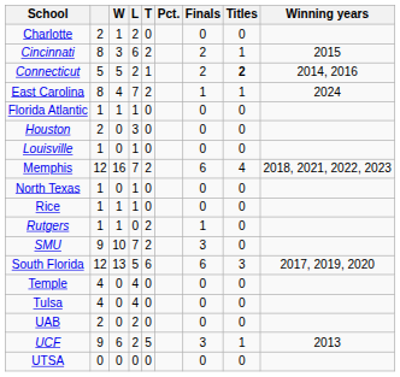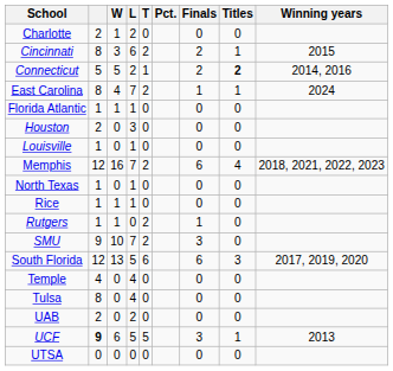 <table class="wikitable sortable" style="text-align:center;">
 <tr>
 <th width=px>School</th>
 <th width=px></th>
 <th width=px>W</th>
 <th width=px>L</th>
 <th width=px>T</th>
 <th width=px>Pct.</th>
 <th width=px>Finals</th>
 <th width=px>Titles</th>
 <th width=px>Winning years</th>
 </tr>
 <tr>
 <td><a href='#'>Charlotte</a></td>
 <td>2</td>
 <td>1</td>
 <td>2</td>
 <td>0</td>
 <td></td>
 <td>0</td>
 <td>0</td>
 <td></td>
 </tr>
 <tr>
 <td><em><a href='#'>Cincinnati</a></em></td>
 <td>8</td>
 <td>3</td>
 <td>6</td>
 <td>2</td>
 <td></td>
 <td>2</td>
 <td>1</td>
 <td>2015</td>
 </tr>
 <tr>
 <td><em><a href='#'>Connecticut</a></em></td>
 <td>5</td>
 <td>5</td>
 <td>2</td>
 <td>1</td>
 <td></td>
 <td>2</td>
 <td><strong>2</strong></td>
 <td>2014, 2016</td>
 </tr>
 <tr>
 <td><a href='#'>East Carolina</a></td>
 <td>8</td>
 <td>4</td>
 <td>7</td>
 <td>2</td>
 <td></td>
 <td>1</td>
 <td>1</td>
 <td>2024</td>
 </tr>
 <tr>
 <td><a href='#'>Florida Atlantic</a></td>
 <td>1</td>
 <td>1</td>
 <td>1</td>
 <td>0</td>
 <td></td>
 <td>0</td>
 <td>0</td>
 <td></td>
 </tr>
 <tr>
 <td><em><a href='#'>Houston</a></em></td>
 <td>2</td>
 <td>0</td>
 <td>3</td>
 <td>0</td>
 <td></td>
 <td>0</td>
 <td>0</td>
 <td></td>
 </tr>
 <tr>
 <td><em><a href='#'>Louisville</a></em></td>
 <td>1</td>
 <td>0</td>
 <td>1</td>
 <td>0</td>
 <td></td>
 <td>0</td>
 <td>0</td>
 <td></td>
 </tr>
 <tr>
 <td><a href='#'>Memphis</a></td>
 <td>12</td>
 <td>16</td>
 <td>7</td>
 <td>2</td>
 <td></td>
 <td>6</td>
 <td>4</td>
 <td>2018, 2021, 2022, 2023</td>
 </tr>
 <tr>
 <td><a href='#'>North Texas</a></td>
 <td>1</td>
 <td>0</td>
 <td>1</td>
 <td>0</td>
 <td></td>
 <td>0</td>
 <td>0</td>
 <td></td>
 </tr>
 <tr>
 <td><a href='#'>Rice</a></td>
 <td>1</td>
 <td>1</td>
 <td>1</td>
 <td>0</td>
 <td></td>
 <td>0</td>
 <td>0</td>
 <td></td>
 </tr>
 <tr>
 <td><em><a href='#'>Rutgers</a></em></td>
 <td>1</td>
 <td>1</td>
 <td>0</td>
 <td>2</td>
 <td></td>
 <td>1</td>
 <td>0</td>
 <td></td>
 </tr>
 <tr>
 <td><em><a href='#'>SMU</a></em></td>
 <td>9</td>
 <td>10</td>
 <td>7</td>
 <td>2</td>
 <td></td>
 <td>3</td>
 <td>0</td>
 <td></td>
 </tr>
 <tr>
 <td><a href='#'>South Florida</a></td>
 <td>12</td>
 <td>13</td>
 <td>5</td>
 <td>6</td>
 <td></td>
 <td>6</td>
 <td>3</td>
 <td>2017, 2019, 2020</td>
 </tr>
 <tr>
 <td><a href='#'>Temple</a></td>
 <td>4</td>
 <td>0</td>
 <td>4</td>
 <td>0</td>
 <td></td>
 <td>0</td>
 <td>0</td>
 <td></td>
 </tr>
 <tr>
 <td><a href='#'>Tulsa</a></td>
-<td>4</td>
+<td>8</td>
 <td>0</td>
 <td>4</td>
 <td>0</td>
 <td></td>
 <td>0</td>
 <td>0</td>
 <td></td>
 </tr>
 <tr>
 <td><a href='#'>UAB</a></td>
 <td>2</td>
 <td>0</td>
 <td>2</td>
 <td>0</td>
 <td></td>
 <td>0</td>
 <td>0</td>
 <td></td>
 </tr>
 <tr>
 <td><em><a href='#'>UCF</a></em></td>
-<td>9</td>
+<td><strong>9</strong></td>
 <td>6</td>
-<td>2</td>
+<td>5</td>
 <td>5</td>
 <td></td>
 <td>3</td>
 <td>1</td>
 <td>2013</td>
 </tr>
 <tr>
 <td><a href='#'>UTSA</a></td>
 <td>0</td>
 <td>0</td>
 <td>0</td>
 <td>0</td>
 <td></td>
 <td>0</td>
 <td>0</td>
 <td></td>
 </tr>
 </table>
